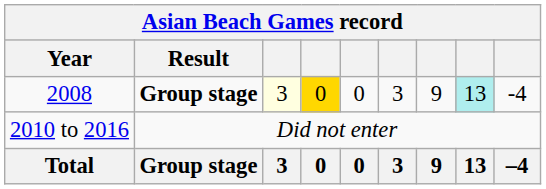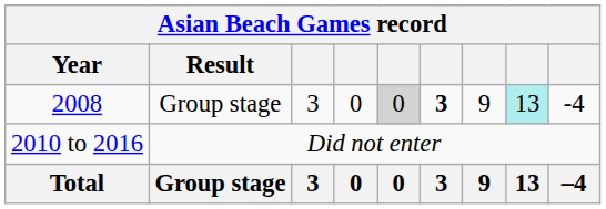 <table class="wikitable" style="text-align: center;">
 <tr>
 <th colspan="9"><a href='#'>Asian Beach Games</a> record</th>
 </tr>
 <tr>
 <th>Year</th>
 <th>Result</th>
 <th width="20"></th>
 <th width="20"></th>
 <th width="20"></th>
 <th width="20"></th>
 <th width="20"></th>
 <th width="20"></th>
 <th width="25"></th>
 </tr>
 <tr>
 <td> <a href='#'>2008</a></td>
-<td><strong>Group stage</strong></td>
-<td style="background: lightyellow;">3</td>
-<td style="background: gold;">0</td>
+<td>Group stage</td>
+<td>3</td>
 <td>0</td>
-<td>3</td>
+<td style="background: lightgrey;">0</td>
+<td><strong>3</strong></td>
 <td>9</td>
 <td style="background: paleturquoise;">13</td>
 <td>-4</td>
 </tr>
 <tr>
 <td> <a href='#'>2010</a> to  <a href='#'>2016</a></td>
 <td colspan="8"><em>Did not enter</em></td>
 </tr>
 <tr>
 <th>Total</th>
 <th>Group stage</th>
 <th>3</th>
 <th>0</th>
 <th>0</th>
 <th>3</th>
 <th>9</th>
 <th>13</th>
 <th>–4</th>
 </tr>
 </table>
